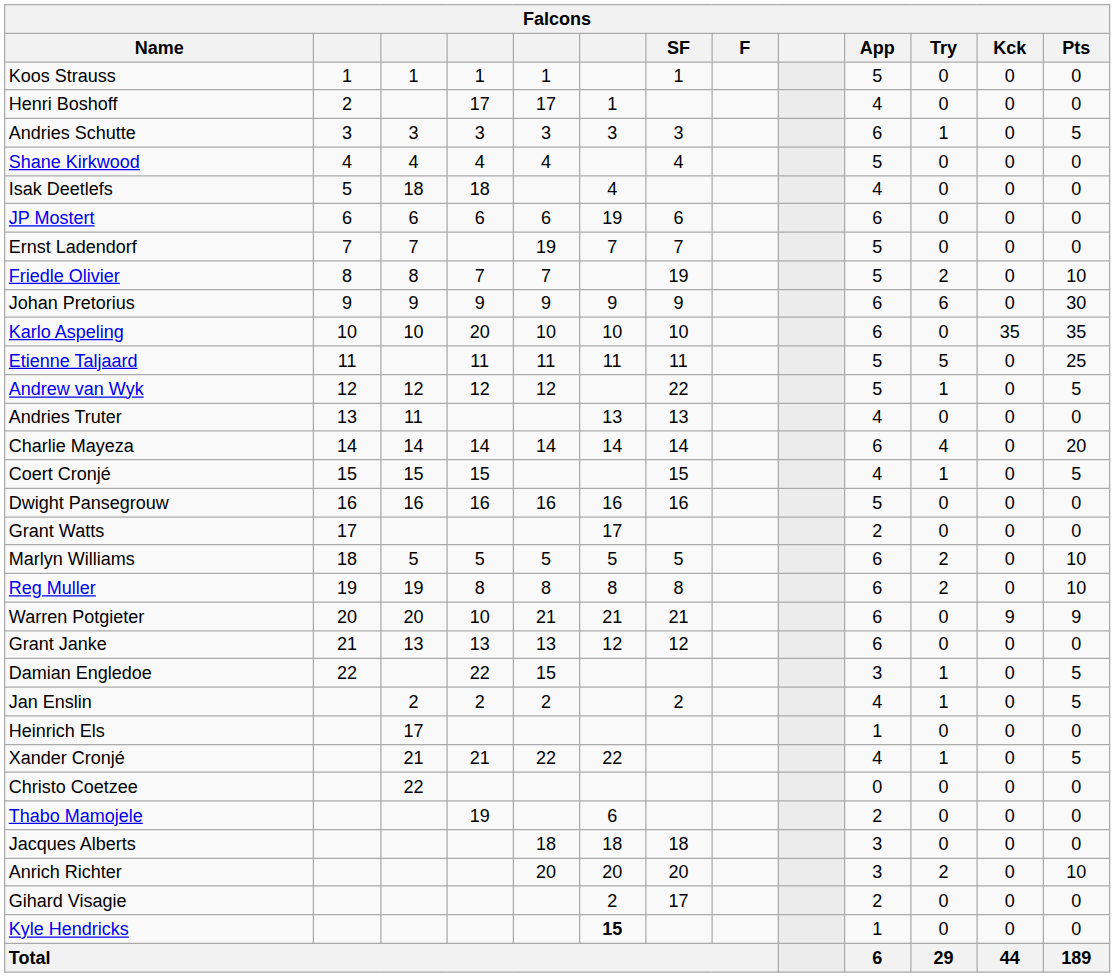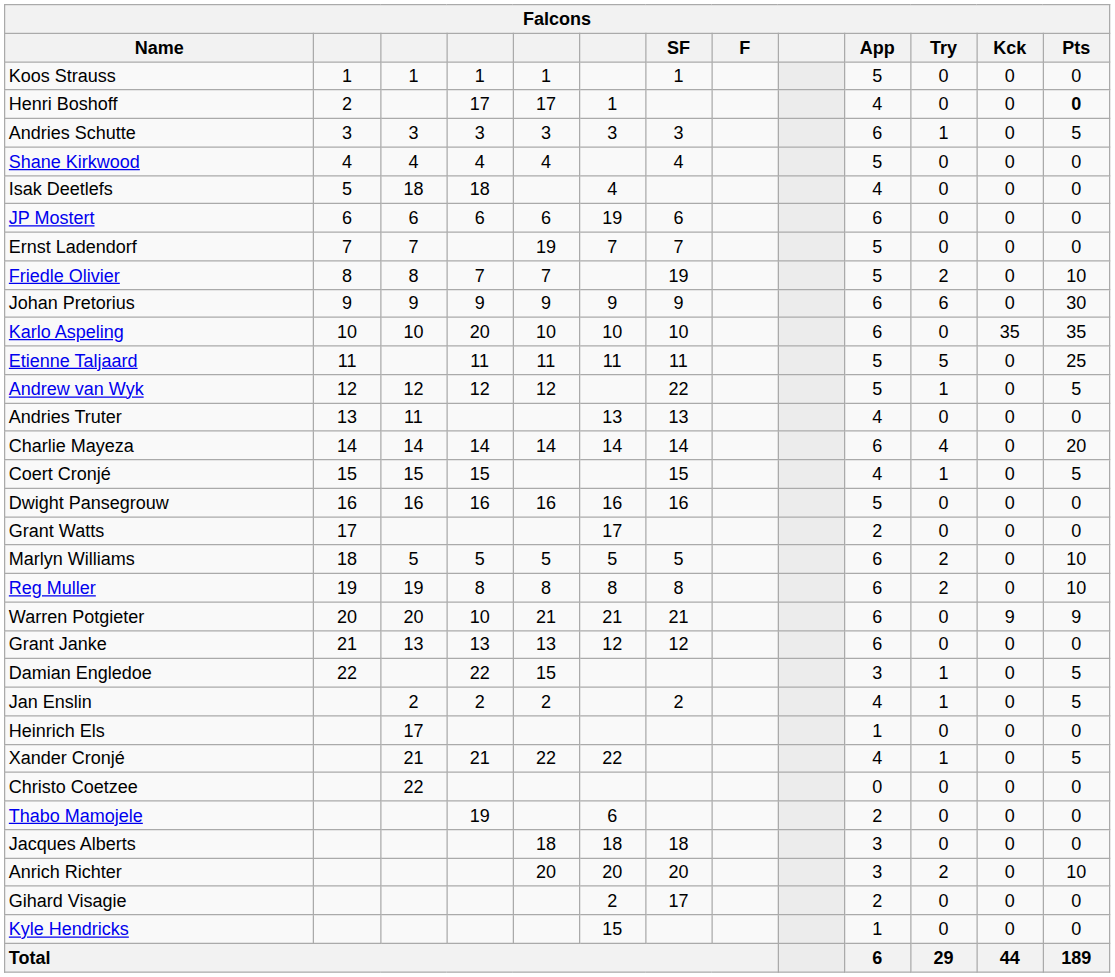 <table class="wikitable collapsible collapsed sortable" style="text-align:center; font-size:90%; width:70%">
 <tr>
 <th colspan="100%">Falcons</th>
 </tr>
 <tr>
 <th style="width:28%;">Name</th>
 <th style="width:6%;"></th>
 <th style="width:6%;"></th>
 <th style="width:6%;"></th>
 <th style="width:6%;"></th>
 <th style="width:6%;"></th>
 <th style="width:6%;">SF</th>
 <th style="width:6%;">F</th>
 <th style="width:6%;"></th>
 <th style="width:6%;">App</th>
 <th style="width:6%;">Try</th>
 <th style="width:6%;">Kck</th>
 <th style="width:6%;">Pts</th>
 </tr>
 <tr>
 <td style="text-align:left;">Koos Strauss</td>
 <td>1</td>
 <td>1</td>
 <td>1</td>
 <td>1</td>
 <td></td>
 <td>1</td>
 <td></td>
 <td style="background:#ECECEC;"></td>
 <td>5</td>
 <td>0</td>
 <td>0</td>
 <td>0</td>
 </tr>
 <tr>
 <td style="text-align:left;">Henri Boshoff</td>
 <td>2</td>
 <td></td>
 <td>17 </td>
 <td>17 </td>
 <td>1</td>
 <td></td>
 <td></td>
 <td style="background:#ECECEC;"></td>
 <td>4</td>
 <td>0</td>
 <td>0</td>
-<td>0</td>
+<td><strong>0</strong></td>
 </tr>
 <tr>
 <td style="text-align:left;">Andries Schutte</td>
 <td>3</td>
 <td>3</td>
 <td>3</td>
 <td>3</td>
 <td>3</td>
 <td>3</td>
 <td></td>
 <td style="background:#ECECEC;"></td>
 <td>6</td>
 <td>1</td>
 <td>0</td>
 <td>5</td>
 </tr>
 <tr>
 <td style="text-align:left;"><a href='#'>Shane Kirkwood</a></td>
 <td>4</td>
 <td>4</td>
 <td>4</td>
 <td>4</td>
 <td></td>
 <td>4</td>
 <td></td>
 <td style="background:#ECECEC;"></td>
 <td>5</td>
 <td>0</td>
 <td>0</td>
 <td>0</td>
 </tr>
 <tr>
 <td style="text-align:left;">Isak Deetlefs</td>
 <td>5</td>
 <td>18 </td>
 <td>18 </td>
 <td></td>
 <td>4</td>
 <td></td>
 <td></td>
 <td style="background:#ECECEC;"></td>
 <td>4</td>
 <td>0</td>
 <td>0</td>
 <td>0</td>
 </tr>
 <tr>
 <td style="text-align:left;"><a href='#'>JP Mostert</a></td>
 <td>6</td>
 <td>6</td>
 <td>6</td>
 <td>6</td>
 <td>19 </td>
 <td>6</td>
 <td></td>
 <td style="background:#ECECEC;"></td>
 <td>6</td>
 <td>0</td>
 <td>0</td>
 <td>0</td>
 </tr>
 <tr>
 <td style="text-align:left;">Ernst Ladendorf</td>
 <td>7</td>
 <td>7</td>
 <td></td>
 <td>19 </td>
 <td>7</td>
 <td>7</td>
 <td></td>
 <td style="background:#ECECEC;"></td>
 <td>5</td>
 <td>0</td>
 <td>0</td>
 <td>0</td>
 </tr>
 <tr>
 <td style="text-align:left;"><a href='#'>Friedle Olivier</a></td>
 <td>8</td>
 <td>8</td>
 <td>7</td>
 <td>7</td>
 <td></td>
 <td>19 </td>
 <td></td>
 <td style="background:#ECECEC;"></td>
 <td>5</td>
 <td>2</td>
 <td>0</td>
 <td>10</td>
 </tr>
 <tr>
 <td style="text-align:left;">Johan Pretorius</td>
 <td>9</td>
 <td>9</td>
 <td>9</td>
 <td>9</td>
 <td>9</td>
 <td>9</td>
 <td></td>
 <td style="background:#ECECEC;"></td>
 <td>6</td>
 <td>6</td>
 <td>0</td>
 <td>30</td>
 </tr>
 <tr>
 <td style="text-align:left;"><a href='#'>Karlo Aspeling</a></td>
 <td>10</td>
 <td>10</td>
 <td>20 </td>
 <td>10</td>
 <td>10</td>
 <td>10</td>
 <td></td>
 <td style="background:#ECECEC;"></td>
 <td>6</td>
 <td>0</td>
 <td>35</td>
 <td>35</td>
 </tr>
 <tr>
 <td style="text-align:left;"><a href='#'>Etienne Taljaard</a></td>
 <td>11</td>
 <td></td>
 <td>11</td>
 <td>11</td>
 <td>11</td>
 <td>11</td>
 <td></td>
 <td style="background:#ECECEC;"></td>
 <td>5</td>
 <td>5</td>
 <td>0</td>
 <td>25</td>
 </tr>
 <tr>
 <td style="text-align:left;"><a href='#'>Andrew van Wyk</a></td>
 <td>12</td>
 <td>12</td>
 <td>12</td>
 <td>12</td>
 <td></td>
 <td>22 </td>
 <td></td>
 <td style="background:#ECECEC;"></td>
 <td>5</td>
 <td>1</td>
 <td>0</td>
 <td>5</td>
 </tr>
 <tr>
 <td style="text-align:left;">Andries Truter</td>
 <td>13</td>
 <td>11</td>
 <td></td>
 <td></td>
 <td>13</td>
 <td>13</td>
 <td></td>
 <td style="background:#ECECEC;"></td>
 <td>4</td>
 <td>0</td>
 <td>0</td>
 <td>0</td>
 </tr>
 <tr>
 <td style="text-align:left;">Charlie Mayeza</td>
 <td>14</td>
 <td>14</td>
 <td>14</td>
 <td>14</td>
 <td>14</td>
 <td>14</td>
 <td></td>
 <td style="background:#ECECEC;"></td>
 <td>6</td>
 <td>4</td>
 <td>0</td>
 <td>20</td>
 </tr>
 <tr>
 <td style="text-align:left;">Coert Cronjé</td>
 <td>15</td>
 <td>15</td>
 <td>15</td>
 <td></td>
 <td></td>
 <td>15</td>
 <td></td>
 <td style="background:#ECECEC;"></td>
 <td>4</td>
 <td>1</td>
 <td>0</td>
 <td>5</td>
 </tr>
 <tr>
 <td style="text-align:left;">Dwight Pansegrouw</td>
 <td>16 </td>
 <td>16 </td>
 <td>16</td>
 <td>16 </td>
 <td>16 </td>
 <td>16 </td>
 <td></td>
 <td style="background:#ECECEC;"></td>
 <td>5</td>
 <td>0</td>
 <td>0</td>
 <td>0</td>
 </tr>
 <tr>
 <td style="text-align:left;">Grant Watts</td>
 <td>17 </td>
 <td></td>
 <td></td>
 <td></td>
 <td>17 </td>
 <td></td>
 <td></td>
 <td style="background:#ECECEC;"></td>
 <td>2</td>
 <td>0</td>
 <td>0</td>
 <td>0</td>
 </tr>
 <tr>
 <td style="text-align:left;">Marlyn Williams</td>
 <td>18 </td>
 <td>5</td>
 <td>5</td>
 <td>5</td>
 <td>5</td>
 <td>5</td>
 <td></td>
 <td style="background:#ECECEC;"></td>
 <td>6</td>
 <td>2</td>
 <td>0</td>
 <td>10</td>
 </tr>
 <tr>
 <td style="text-align:left;"><a href='#'>Reg Muller</a></td>
 <td>19 </td>
 <td>19 </td>
 <td>8</td>
 <td>8</td>
 <td>8</td>
 <td>8</td>
 <td></td>
 <td style="background:#ECECEC;"></td>
 <td>6</td>
 <td>2</td>
 <td>0</td>
 <td>10</td>
 </tr>
 <tr>
 <td style="text-align:left;">Warren Potgieter</td>
 <td>20 </td>
 <td>20 </td>
 <td>10</td>
 <td>21 </td>
 <td>21 </td>
 <td>21 </td>
 <td></td>
 <td style="background:#ECECEC;"></td>
 <td>6</td>
 <td>0</td>
 <td>9</td>
 <td>9</td>
 </tr>
 <tr>
 <td style="text-align:left;">Grant Janke</td>
 <td>21 </td>
 <td>13</td>
 <td>13</td>
 <td>13</td>
 <td>12</td>
 <td>12</td>
 <td></td>
 <td style="background:#ECECEC;"></td>
 <td>6</td>
 <td>0</td>
 <td>0</td>
 <td>0</td>
 </tr>
 <tr>
 <td style="text-align:left;">Damian Engledoe</td>
 <td>22 </td>
 <td></td>
 <td>22 </td>
 <td>15</td>
 <td></td>
 <td></td>
 <td></td>
 <td style="background:#ECECEC;"></td>
 <td>3</td>
 <td>1</td>
 <td>0</td>
 <td>5</td>
 </tr>
 <tr>
 <td style="text-align:left;">Jan Enslin</td>
 <td></td>
 <td>2</td>
 <td>2</td>
 <td>2</td>
 <td></td>
 <td>2</td>
 <td></td>
 <td style="background:#ECECEC;"></td>
 <td>4</td>
 <td>1</td>
 <td>0</td>
 <td>5</td>
 </tr>
 <tr>
 <td style="text-align:left;">Heinrich Els</td>
 <td></td>
 <td>17 </td>
 <td></td>
 <td></td>
 <td></td>
 <td></td>
 <td></td>
 <td style="background:#ECECEC;"></td>
 <td>1</td>
 <td>0</td>
 <td>0</td>
 <td>0</td>
 </tr>
 <tr>
 <td style="text-align:left;">Xander Cronjé</td>
 <td></td>
 <td>21 </td>
 <td>21 </td>
 <td>22 </td>
 <td>22 </td>
 <td></td>
 <td></td>
 <td style="background:#ECECEC;"></td>
 <td>4</td>
 <td>1</td>
 <td>0</td>
 <td>5</td>
 </tr>
 <tr>
 <td style="text-align:left;">Christo Coetzee</td>
 <td></td>
 <td>22</td>
 <td></td>
 <td></td>
 <td></td>
 <td></td>
 <td></td>
 <td style="background:#ECECEC;"></td>
 <td>0</td>
 <td>0</td>
 <td>0</td>
 <td>0</td>
 </tr>
 <tr>
 <td style="text-align:left;"><a href='#'>Thabo Mamojele</a></td>
 <td></td>
 <td></td>
 <td>19 </td>
 <td></td>
 <td>6</td>
 <td></td>
 <td></td>
 <td style="background:#ECECEC;"></td>
 <td>2</td>
 <td>0</td>
 <td>0</td>
 <td>0</td>
 </tr>
 <tr>
 <td style="text-align:left;">Jacques Alberts</td>
 <td></td>
 <td></td>
 <td></td>
 <td>18 </td>
 <td>18 </td>
 <td>18 </td>
 <td></td>
 <td style="background:#ECECEC;"></td>
 <td>3</td>
 <td>0</td>
 <td>0</td>
 <td>0</td>
 </tr>
 <tr>
 <td style="text-align:left;">Anrich Richter</td>
 <td></td>
 <td></td>
 <td></td>
 <td>20 </td>
 <td>20 </td>
 <td>20 </td>
 <td></td>
 <td style="background:#ECECEC;"></td>
 <td>3</td>
 <td>2</td>
 <td>0</td>
 <td>10</td>
 </tr>
 <tr>
 <td style="text-align:left;">Gihard Visagie</td>
 <td></td>
 <td></td>
 <td></td>
 <td></td>
 <td>2</td>
 <td>17 </td>
 <td></td>
 <td style="background:#ECECEC;"></td>
 <td>2</td>
 <td>0</td>
 <td>0</td>
 <td>0</td>
 </tr>
 <tr>
 <td style="text-align:left;"><a href='#'>Kyle Hendricks</a></td>
 <td></td>
 <td></td>
 <td></td>
 <td></td>
-<td><strong>15</strong></td>
+<td>15</td>
 <td></td>
 <td></td>
 <td style="background:#ECECEC;"></td>
 <td>1</td>
 <td>0</td>
 <td>0</td>
 <td>0</td>
 </tr>
 <tr>
 <th colspan="8" style="text-align:left;">Total</th>
 <th style="background:#ECECEC;"></th>
 <th>6</th>
 <th>29</th>
 <th>44</th>
 <th>189</th>
 </tr>
 </table>
